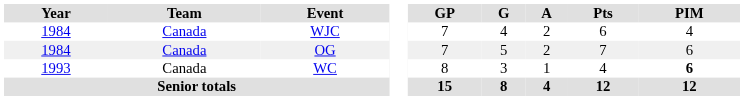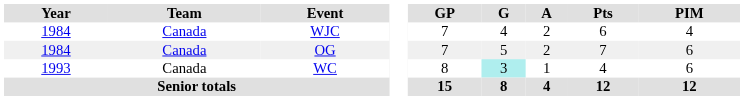 <table border="0" cellpadding="1" cellspacing="0" style="text-align:center; width:50em">
 <tr ALIGN="center" bgcolor="#e0e0e0">
 <th>Year</th>
 <th>Team</th>
 <th>Event</th>
 <th rowspan="99" bgcolor="#ffffff"> </th>
 <th>GP</th>
 <th>G</th>
 <th>A</th>
 <th>Pts</th>
 <th>PIM</th>
 </tr>
 <tr>
 <td><a href='#'>1984</a></td>
 <td><a href='#'>Canada</a></td>
 <td><a href='#'>WJC</a></td>
 <td>7</td>
 <td>4</td>
 <td>2</td>
 <td>6</td>
 <td>4</td>
 </tr>
 <tr bgcolor="#f0f0f0">
 <td><a href='#'>1984</a></td>
 <td><a href='#'>Canada</a></td>
 <td><a href='#'>OG</a></td>
 <td>7</td>
 <td>5</td>
 <td>2</td>
 <td>7</td>
 <td>6</td>
 </tr>
 <tr>
 <td><a href='#'>1993</a></td>
 <td>Canada</td>
 <td><a href='#'>WC</a></td>
 <td>8</td>
-<td>3</td>
+<td style="background: paleturquoise;">3</td>
 <td>1</td>
 <td>4</td>
-<td><strong>6</strong></td>
+<td>6</td>
 </tr>
 <tr bgcolor="#e0e0e0">
 <th colspan=3>Senior totals</th>
 <th>15</th>
 <th>8</th>
 <th>4</th>
 <th>12</th>
 <th>12</th>
 </tr>
 </table>
